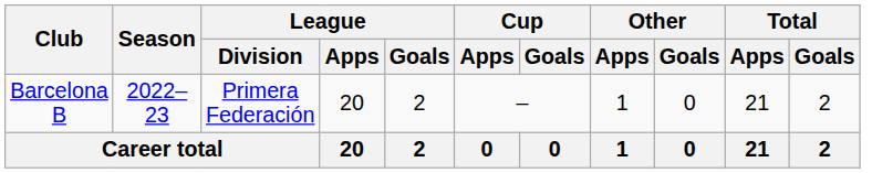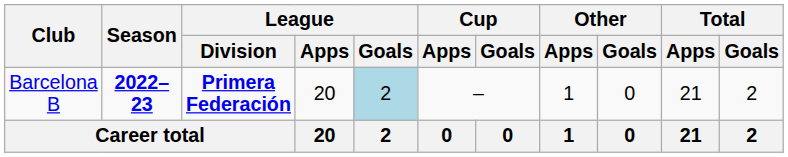 <table class="wikitable" style="text-align:center">
 <tr>
 <th rowspan=2>Club</th>
 <th rowspan=2>Season</th>
 <th colspan=3>League</th>
 <th colspan=2>Cup</th>
 <th colspan=2>Other</th>
 <th colspan=2>Total</th>
 </tr>
 <tr>
 <th>Division</th>
 <th>Apps</th>
 <th>Goals</th>
 <th>Apps</th>
 <th>Goals</th>
 <th>Apps</th>
 <th>Goals</th>
 <th>Apps</th>
 <th>Goals</th>
 </tr>
 <tr>
 <td><a href='#'>Barcelona B</a></td>
-<td><a href='#'>2022–23</a></td>
-<td><a href='#'>Primera Federación</a></td>
+<td><strong><a href='#'>2022–23</a></strong></td>
+<td><strong><a href='#'>Primera Federación</a></strong></td>
 <td>20</td>
-<td>2</td>
+<td style="background: lightblue;">2</td>
 <td colspan="2">–</td>
 <td>1</td>
 <td>0</td>
 <td>21</td>
 <td>2</td>
 </tr>
 <tr>
 <th colspan=3>Career total</th>
 <th>20</th>
 <th>2</th>
 <th>0</th>
 <th>0</th>
 <th>1</th>
 <th>0</th>
 <th>21</th>
 <th>2</th>
 </tr>
 </table>
